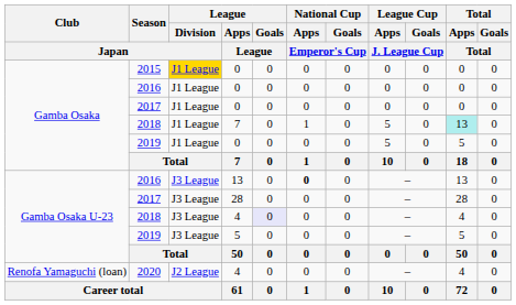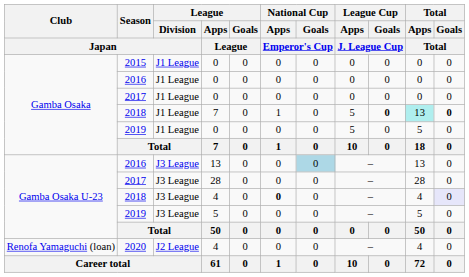 <table class="wikitable" style="text-align:center">
 <tr>
 <th rowspan=2>Club</th>
 <th rowspan=2>Season</th>
 <th colspan=3>League</th>
 <th colspan=2>National Cup</th>
 <th colspan=2>League Cup</th>
 <th colspan=2>Total</th>
 </tr>
 <tr>
 <th>Division</th>
 <th>Apps</th>
 <th>Goals</th>
 <th>Apps</th>
 <th>Goals</th>
 <th>Apps</th>
 <th>Goals</th>
 <th>Apps</th>
 <th>Goals</th>
 </tr>
 <tr>
 <th colspan=3>Japan</th>
 <th colspan=2>League</th>
 <th colspan=2><a href='#'>Emperor's Cup</a></th>
 <th colspan=2><a href='#'>J. League Cup</a></th>
 <th colspan=2>Total</th>
 </tr>
 <tr>
 <td rowspan="6"><a href='#'>Gamba Osaka</a></td>
 <td><a href='#'>2015</a></td>
-<td style="background: gold;"><a href='#'>J1 League</a></td>
+<td><a href='#'>J1 League</a></td>
 <td>0</td>
 <td>0</td>
 <td>0</td>
 <td>0</td>
 <td>0</td>
 <td>0</td>
 <td>0</td>
 <td>0</td>
 </tr>
 <tr>
 <td><a href='#'>2016</a></td>
 <td>J1 League</td>
 <td>0</td>
 <td>0</td>
 <td>0</td>
 <td>0</td>
 <td>0</td>
 <td>0</td>
 <td>0</td>
 <td>0</td>
 </tr>
 <tr>
 <td><a href='#'>2017</a></td>
 <td>J1 League</td>
 <td>0</td>
 <td>0</td>
 <td>0</td>
 <td>0</td>
 <td>0</td>
 <td>0</td>
 <td>0</td>
 <td>0</td>
 </tr>
 <tr>
 <td><a href='#'>2018</a></td>
 <td>J1 League</td>
 <td>7</td>
 <td>0</td>
 <td>1</td>
 <td>0</td>
 <td>5</td>
-<td>0</td>
+<td><strong>0</strong></td>
 <td style="background: paleturquoise;">13</td>
-<td>0</td>
+<td><strong>0</strong></td>
 </tr>
 <tr>
 <td><a href='#'>2019</a></td>
 <td>J1 League</td>
 <td>0</td>
 <td>0</td>
 <td>0</td>
 <td>0</td>
 <td>5</td>
 <td>0</td>
 <td>5</td>
 <td>0</td>
 </tr>
 <tr>
 <th colspan="2">Total</th>
 <th>7</th>
 <th>0</th>
 <th>1</th>
 <th>0</th>
 <th>10</th>
 <th>0</th>
 <th>18</th>
 <th>0</th>
 </tr>
 <tr>
 <td rowspan="5"><a href='#'>Gamba Osaka U-23</a></td>
 <td><a href='#'>2016</a></td>
 <td><a href='#'>J3 League</a></td>
 <td>13</td>
 <td>0</td>
-<td><strong>0</strong></td>
 <td>0</td>
+<td style="background: lightblue;">0</td>
 <td colspan="2">–</td>
 <td>13</td>
 <td>0</td>
 </tr>
 <tr>
 <td><a href='#'>2017</a></td>
 <td>J3 League</td>
 <td>28</td>
 <td>0</td>
 <td>0</td>
 <td>0</td>
 <td colspan="2">–</td>
 <td>28</td>
 <td>0</td>
 </tr>
 <tr>
 <td><a href='#'>2018</a></td>
 <td>J3 League</td>
 <td>4</td>
-<td style="background: lavender;">0</td>
 <td>0</td>
+<td><strong>0</strong></td>
 <td>0</td>
 <td colspan="2">–</td>
 <td>4</td>
-<td>0</td>
+<td style="background: lavender;">0</td>
 </tr>
 <tr>
 <td><a href='#'>2019</a></td>
 <td>J3 League</td>
 <td>5</td>
 <td>0</td>
 <td>0</td>
 <td>0</td>
 <td colspan="2">–</td>
 <td>5</td>
 <td>0</td>
 </tr>
 <tr>
 <th colspan="2">Total</th>
 <th>50</th>
 <th>0</th>
 <th>0</th>
 <th>0</th>
 <th>0</th>
 <th>0</th>
 <th>50</th>
 <th>0</th>
 </tr>
 <tr>
 <td><a href='#'>Renofa Yamaguchi</a> (loan)</td>
 <td><a href='#'>2020</a></td>
 <td><a href='#'>J2 League</a></td>
 <td>4</td>
 <td>0</td>
 <td>0</td>
 <td>0</td>
 <td colspan="2">–</td>
 <td>4</td>
 <td>0</td>
 </tr>
 <tr>
 <th colspan=3>Career total</th>
 <th>61</th>
 <th>0</th>
 <th>1</th>
 <th>0</th>
 <th>10</th>
 <th>0</th>
 <th>72</th>
 <th>0</th>
 </tr>
 </table>
